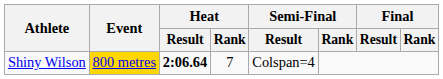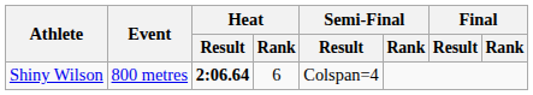 <table class="wikitable" style="font-size:90%">
 <tr>
 <th rowspan="2">Athlete</th>
 <th rowspan="2">Event</th>
 <th colspan="2">Heat</th>
 <th colspan="2">Semi-Final</th>
 <th colspan="2">Final</th>
 </tr>
 <tr style="font-size:95%">
 <th>Result</th>
 <th>Rank</th>
 <th>Result</th>
 <th>Rank</th>
 <th>Result</th>
 <th>Rank</th>
 </tr>
 <tr style="text-align:center">
 <td style="text-align:left"><a href='#'>Shiny Wilson</a></td>
-<td style="background: gold; text-align:left"><a href='#'>800 metres</a></td>
+<td style="text-align:left"><a href='#'>800 metres</a></td>
 <td><strong>2:06.64</strong></td>
-<td>7</td>
+<td>6</td>
 <td>Colspan=4 </td>
 </tr>
 </table>
